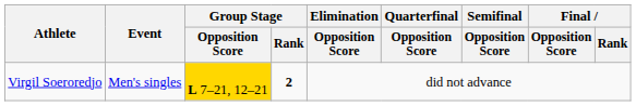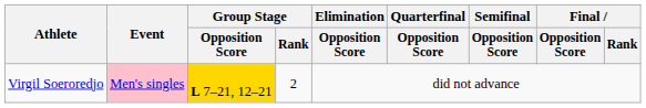 <table class="wikitable" style="text-align:left; font-size:90%">
 <tr>
 <th rowspan=2>Athlete</th>
 <th rowspan=2>Event</th>
 <th colspan=2>Group Stage</th>
 <th>Elimination</th>
 <th>Quarterfinal</th>
 <th>Semifinal</th>
 <th colspan=2>Final / </th>
 </tr>
 <tr style="font-size:95%">
 <th>Opposition<br>Score</th>
 <th>Rank</th>
 <th>Opposition<br>Score</th>
 <th>Opposition<br>Score</th>
 <th>Opposition<br>Score</th>
 <th>Opposition<br>Score</th>
 <th>Rank</th>
 </tr>
 <tr align=center>
 <td align=left><a href='#'>Virgil Soeroredjo</a></td>
-<td align=left><a href='#'>Men's singles</a></td>
+<td align=left style="background: pink;"><a href='#'>Men's singles</a></td>
 <td style="background: gold;"><br><strong>L</strong> 7–21, 12–21</td>
-<td><strong>2</strong></td>
+<td>2</td>
 <td colspan=5>did not advance</td>
 </tr>
 </table>
